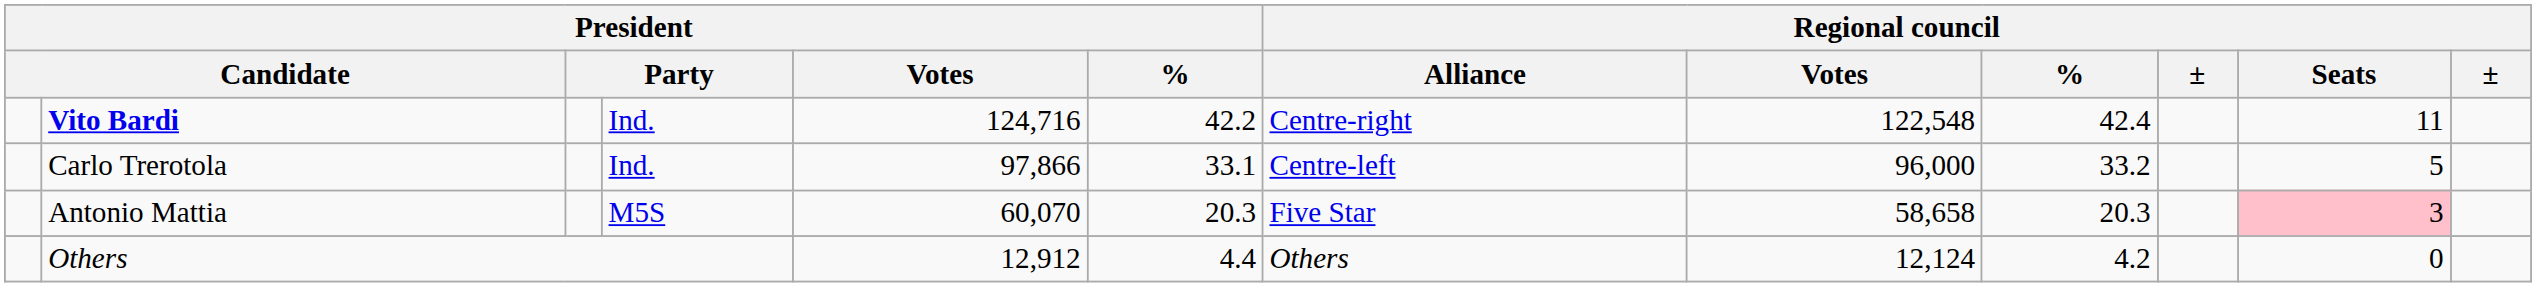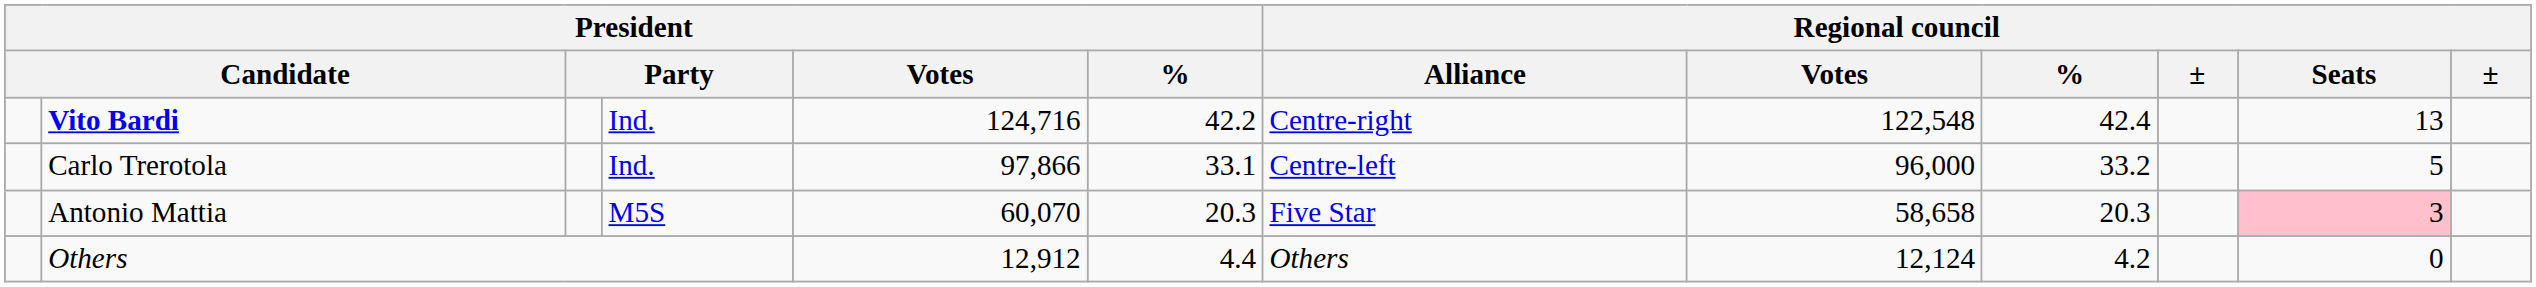 <table class="wikitable" style="text-align:right; style="width=70%">
 <tr>
 <th colspan="6">President</th>
 <th colspan="6">Regional council</th>
 </tr>
 <tr>
 <th colspan="2">Candidate</th>
 <th colspan="2">Party</th>
 <th>Votes</th>
 <th>%</th>
 <th>Alliance</th>
 <th>Votes</th>
 <th>%</th>
 <th>±</th>
 <th>Seats</th>
 <th>±</th>
 </tr>
 <tr>
 <td></td>
 <td style="text-align:left"><strong><a href='#'>Vito Bardi</a></strong></td>
 <td></td>
 <td style="text-align:left"><a href='#'>Ind.</a></td>
 <td>124,716</td>
 <td>42.2</td>
 <td style="text-align:left"><a href='#'>Centre-right</a></td>
 <td>122,548</td>
 <td>42.4</td>
 <td></td>
-<td>11</td>
+<td>13</td>
 <td></td>
 </tr>
 <tr>
 <td></td>
 <td style="text-align:left">Carlo Trerotola</td>
 <td></td>
 <td style="text-align:left"><a href='#'>Ind.</a></td>
 <td>97,866</td>
 <td>33.1</td>
 <td style="text-align:left"><a href='#'>Centre-left</a></td>
 <td>96,000</td>
 <td>33.2</td>
 <td></td>
 <td>5</td>
 <td></td>
 </tr>
 <tr>
 <td></td>
 <td style="text-align:left">Antonio Mattia</td>
 <td></td>
 <td style="text-align:left"><a href='#'>M5S</a></td>
 <td>60,070</td>
 <td>20.3</td>
 <td style="text-align:left"><a href='#'>Five Star</a></td>
 <td>58,658</td>
 <td>20.3</td>
 <td></td>
 <td style="background: pink;">3</td>
 <td></td>
 </tr>
 <tr>
 <td></td>
 <td colspan="3" style="text-align:left"><em>Others</em></td>
 <td>12,912</td>
 <td>4.4</td>
 <td style="text-align:left"><em>Others</em></td>
 <td>12,124</td>
 <td>4.2</td>
 <td></td>
 <td>0</td>
 <td></td>
 </tr>
 </table>
